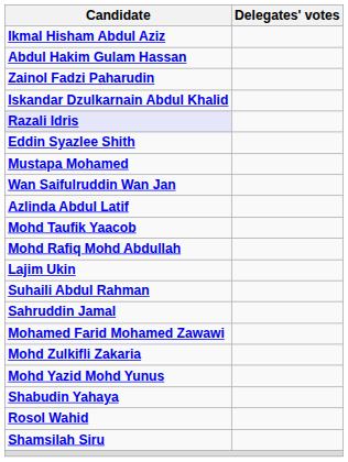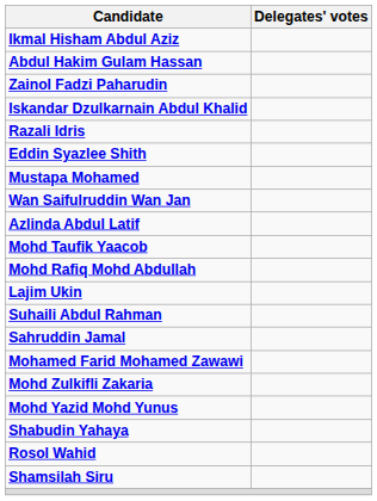 <table class="wikitable">
 <tr>
 <th>Candidate</th>
 <th>Delegates' votes</th>
 </tr>
 <tr>
 <td><strong><a href='#'>Ikmal Hisham Abdul Aziz</a></strong></td>
 <td colspan="1"></td>
 </tr>
 <tr>
 <td><strong><a href='#'>Abdul Hakim Gulam Hassan</a></strong></td>
 <td colspan="1"></td>
 </tr>
 <tr>
 <td><strong><a href='#'>Zainol Fadzi Paharudin</a></strong></td>
 <td colspan="1"></td>
 </tr>
 <tr>
 <td><strong><a href='#'>Iskandar Dzulkarnain Abdul Khalid</a></strong></td>
 <td colspan="1"></td>
 </tr>
 <tr>
-<td style="background: lavender;"><strong><a href='#'>Razali Idris</a></strong></td>
+<td><strong><a href='#'>Razali Idris</a></strong></td>
 <td colspan="1"></td>
 </tr>
 <tr>
 <td><strong><a href='#'>Eddin Syazlee Shith</a></strong></td>
 <td colspan="1"></td>
 </tr>
 <tr>
 <td><strong><a href='#'>Mustapa Mohamed</a></strong></td>
 <td colspan="1"></td>
 </tr>
 <tr>
 <td><strong><a href='#'>Wan Saifulruddin Wan Jan</a></strong></td>
 <td colspan="1"></td>
 </tr>
 <tr>
 <td><strong><a href='#'>Azlinda Abdul Latif</a></strong></td>
 <td colspan="1"></td>
 </tr>
 <tr>
 <td><strong><a href='#'>Mohd Taufik Yaacob</a></strong></td>
 <td colspan="1"></td>
 </tr>
 <tr>
 <td><strong><a href='#'>Mohd Rafiq Mohd Abdullah</a></strong></td>
 <td colspan="1"></td>
 </tr>
 <tr>
 <td><strong><a href='#'>Lajim Ukin</a></strong></td>
 <td colspan="1"></td>
 </tr>
 <tr>
 <td><strong><a href='#'>Suhaili Abdul Rahman</a></strong></td>
 <td colspan="1"></td>
 </tr>
 <tr>
 <td><strong><a href='#'>Sahruddin Jamal</a></strong></td>
 <td colspan="1"></td>
 </tr>
 <tr>
 <td><strong><a href='#'>Mohamed Farid Mohamed Zawawi</a></strong></td>
 <td colspan="1"></td>
 </tr>
 <tr>
 <td><strong><a href='#'>Mohd Zulkifli Zakaria</a></strong></td>
 <td colspan="1"></td>
 </tr>
 <tr>
 <td><strong><a href='#'>Mohd Yazid Mohd Yunus</a></strong></td>
 <td colspan="1"></td>
 </tr>
 <tr>
 <td><strong><a href='#'>Shabudin Yahaya</a></strong></td>
 <td colspan="1"></td>
 </tr>
 <tr>
 <td><strong><a href='#'>Rosol Wahid</a></strong></td>
 <td colspan="1"></td>
 </tr>
 <tr>
 <td><strong><a href='#'>Shamsilah Siru</a></strong></td>
 <td colspan="1"></td>
 </tr>
 <tr>
 <td colspan="3" bgcolor="dcdcdc"></td>
 </tr>
 </table>
